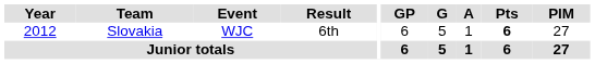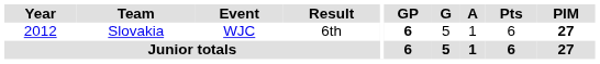 <table border="0" cellpadding="1" cellspacing="0" ID="Table3" style="text-align:center; width:40em">
 <tr ALIGN="center" bgcolor="#e0e0e0">
 <th>Year</th>
 <th>Team</th>
 <th>Event</th>
 <th>Result</th>
 <th rowspan="99" bgcolor="#ffffff"></th>
 <th>GP</th>
 <th>G</th>
 <th>A</th>
 <th>Pts</th>
 <th>PIM</th>
 </tr>
 <tr>
 <td><a href='#'>2012</a></td>
 <td><a href='#'>Slovakia</a></td>
 <td><a href='#'>WJC</a></td>
 <td>6th</td>
-<td>6</td>
+<td><strong>6</strong></td>
 <td>5</td>
 <td>1</td>
-<td><strong>6</strong></td>
-<td>27</td>
+<td>6</td>
+<td><strong>27</strong></td>
 </tr>
 <tr bgcolor="#e0e0e0">
 <th colspan="4">Junior totals</th>
 <th>6</th>
 <th>5</th>
 <th>1</th>
 <th>6</th>
 <th>27</th>
 </tr>
 </table>
